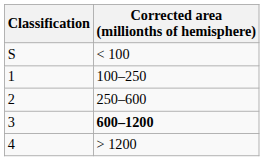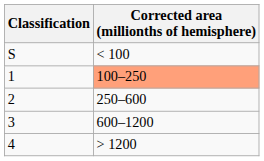 <table class="wikitable">
 <tr>
 <th>Classification</th>
 <th>Corrected area<br>(millionths of hemisphere)</th>
 </tr>
 <tr>
 <td>S</td>
 <td>< 100</td>
 </tr>
 <tr>
 <td>1</td>
-<td>100–250</td>
+<td style="background: lightsalmon;">100–250</td>
 </tr>
 <tr>
 <td>2</td>
 <td>250–600</td>
 </tr>
 <tr>
 <td>3</td>
-<td><strong>600–1200</strong></td>
+<td>600–1200</td>
 </tr>
 <tr>
 <td>4</td>
 <td>> 1200</td>
 </tr>
 </table>
